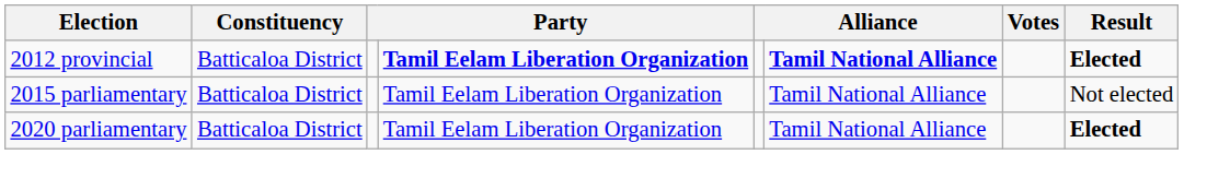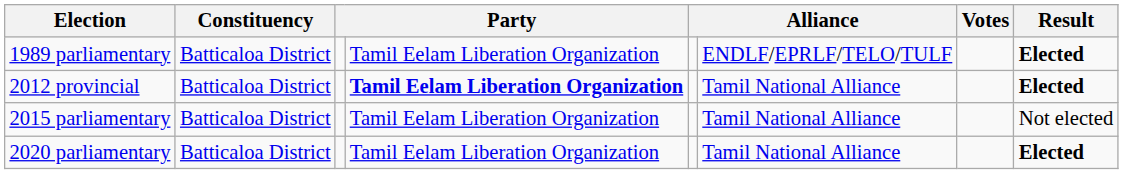 <table class="wikitable" style="text-align:left;">
 <tr>
 <th scope=col>Election</th>
 <th scope=col>Constituency</th>
 <th scope=col colspan="2">Party</th>
 <th scope=col colspan="2">Alliance</th>
 <th scope=col>Votes</th>
 <th scope=col>Result</th>
 </tr>
 <tr>
+<td><a href='#'>1989 parliamentary</a></td>
+<td><a href='#'>Batticaloa District</a></td>
+<td style="background:"></td>
+<td><a href='#'>Tamil Eelam Liberation Organization</a></td>
+<td style="background:"></td>
+<td><a href='#'>ENDLF</a>/<a href='#'>EPRLF</a>/<a href='#'>TELO</a>/<a href='#'>TULF</a></td>
+<td align=right></td>
+<td><strong>Elected</strong></td>
+</tr>
+<tr>
 <td><a href='#'>2012 provincial</a></td>
 <td><a href='#'>Batticaloa District</a></td>
 <td style="background:"></td>
 <td><strong><a href='#'>Tamil Eelam Liberation Organization</a></strong></td>
 <td style="background:"></td>
-<td><strong><a href='#'>Tamil National Alliance</a></strong></td>
+<td><a href='#'>Tamil National Alliance</a></td>
 <td align=right></td>
 <td><strong>Elected</strong></td>
 </tr>
 <tr>
 <td><a href='#'>2015 parliamentary</a></td>
 <td><a href='#'>Batticaloa District</a></td>
 <td style="background:"></td>
 <td><a href='#'>Tamil Eelam Liberation Organization</a></td>
 <td style="background:"></td>
 <td><a href='#'>Tamil National Alliance</a></td>
 <td align=right></td>
 <td>Not elected</td>
 </tr>
 <tr>
 <td><a href='#'>2020 parliamentary</a></td>
 <td><a href='#'>Batticaloa District</a></td>
 <td style="background:"></td>
 <td><a href='#'>Tamil Eelam Liberation Organization</a></td>
 <td style="background:"></td>
 <td><a href='#'>Tamil National Alliance</a></td>
 <td align=right></td>
 <td><strong>Elected</strong></td>
 </tr>
 </table>
